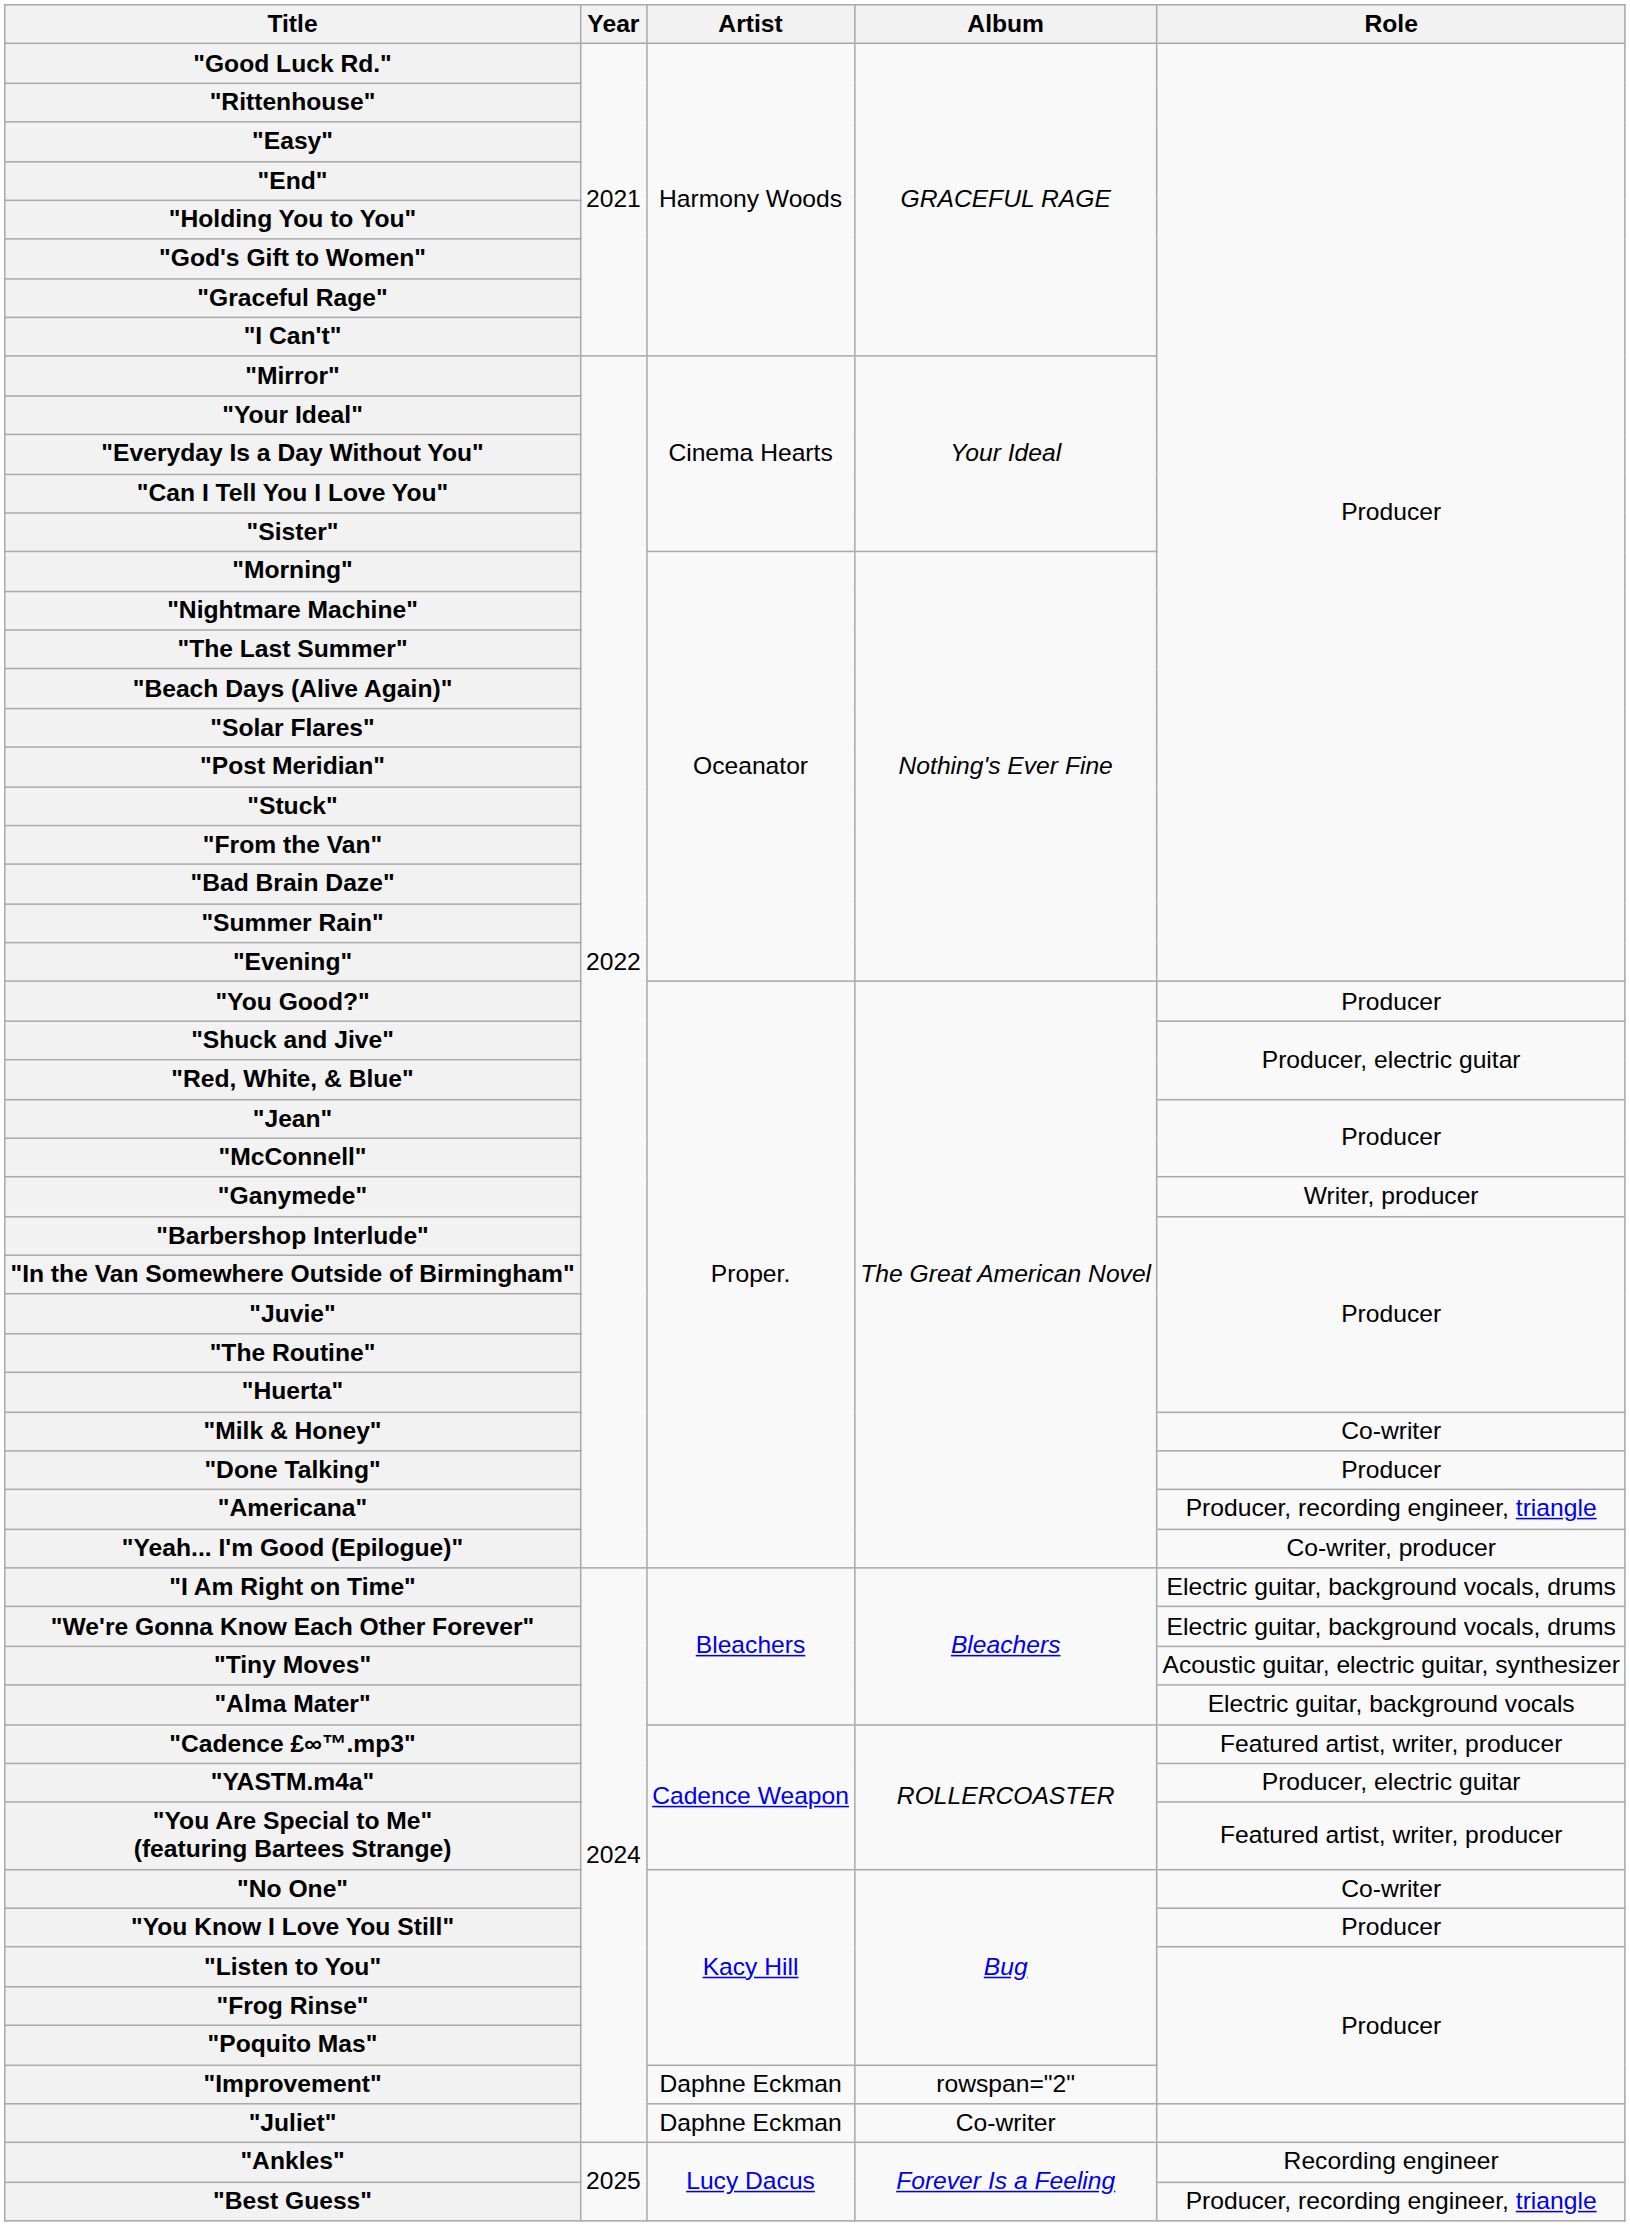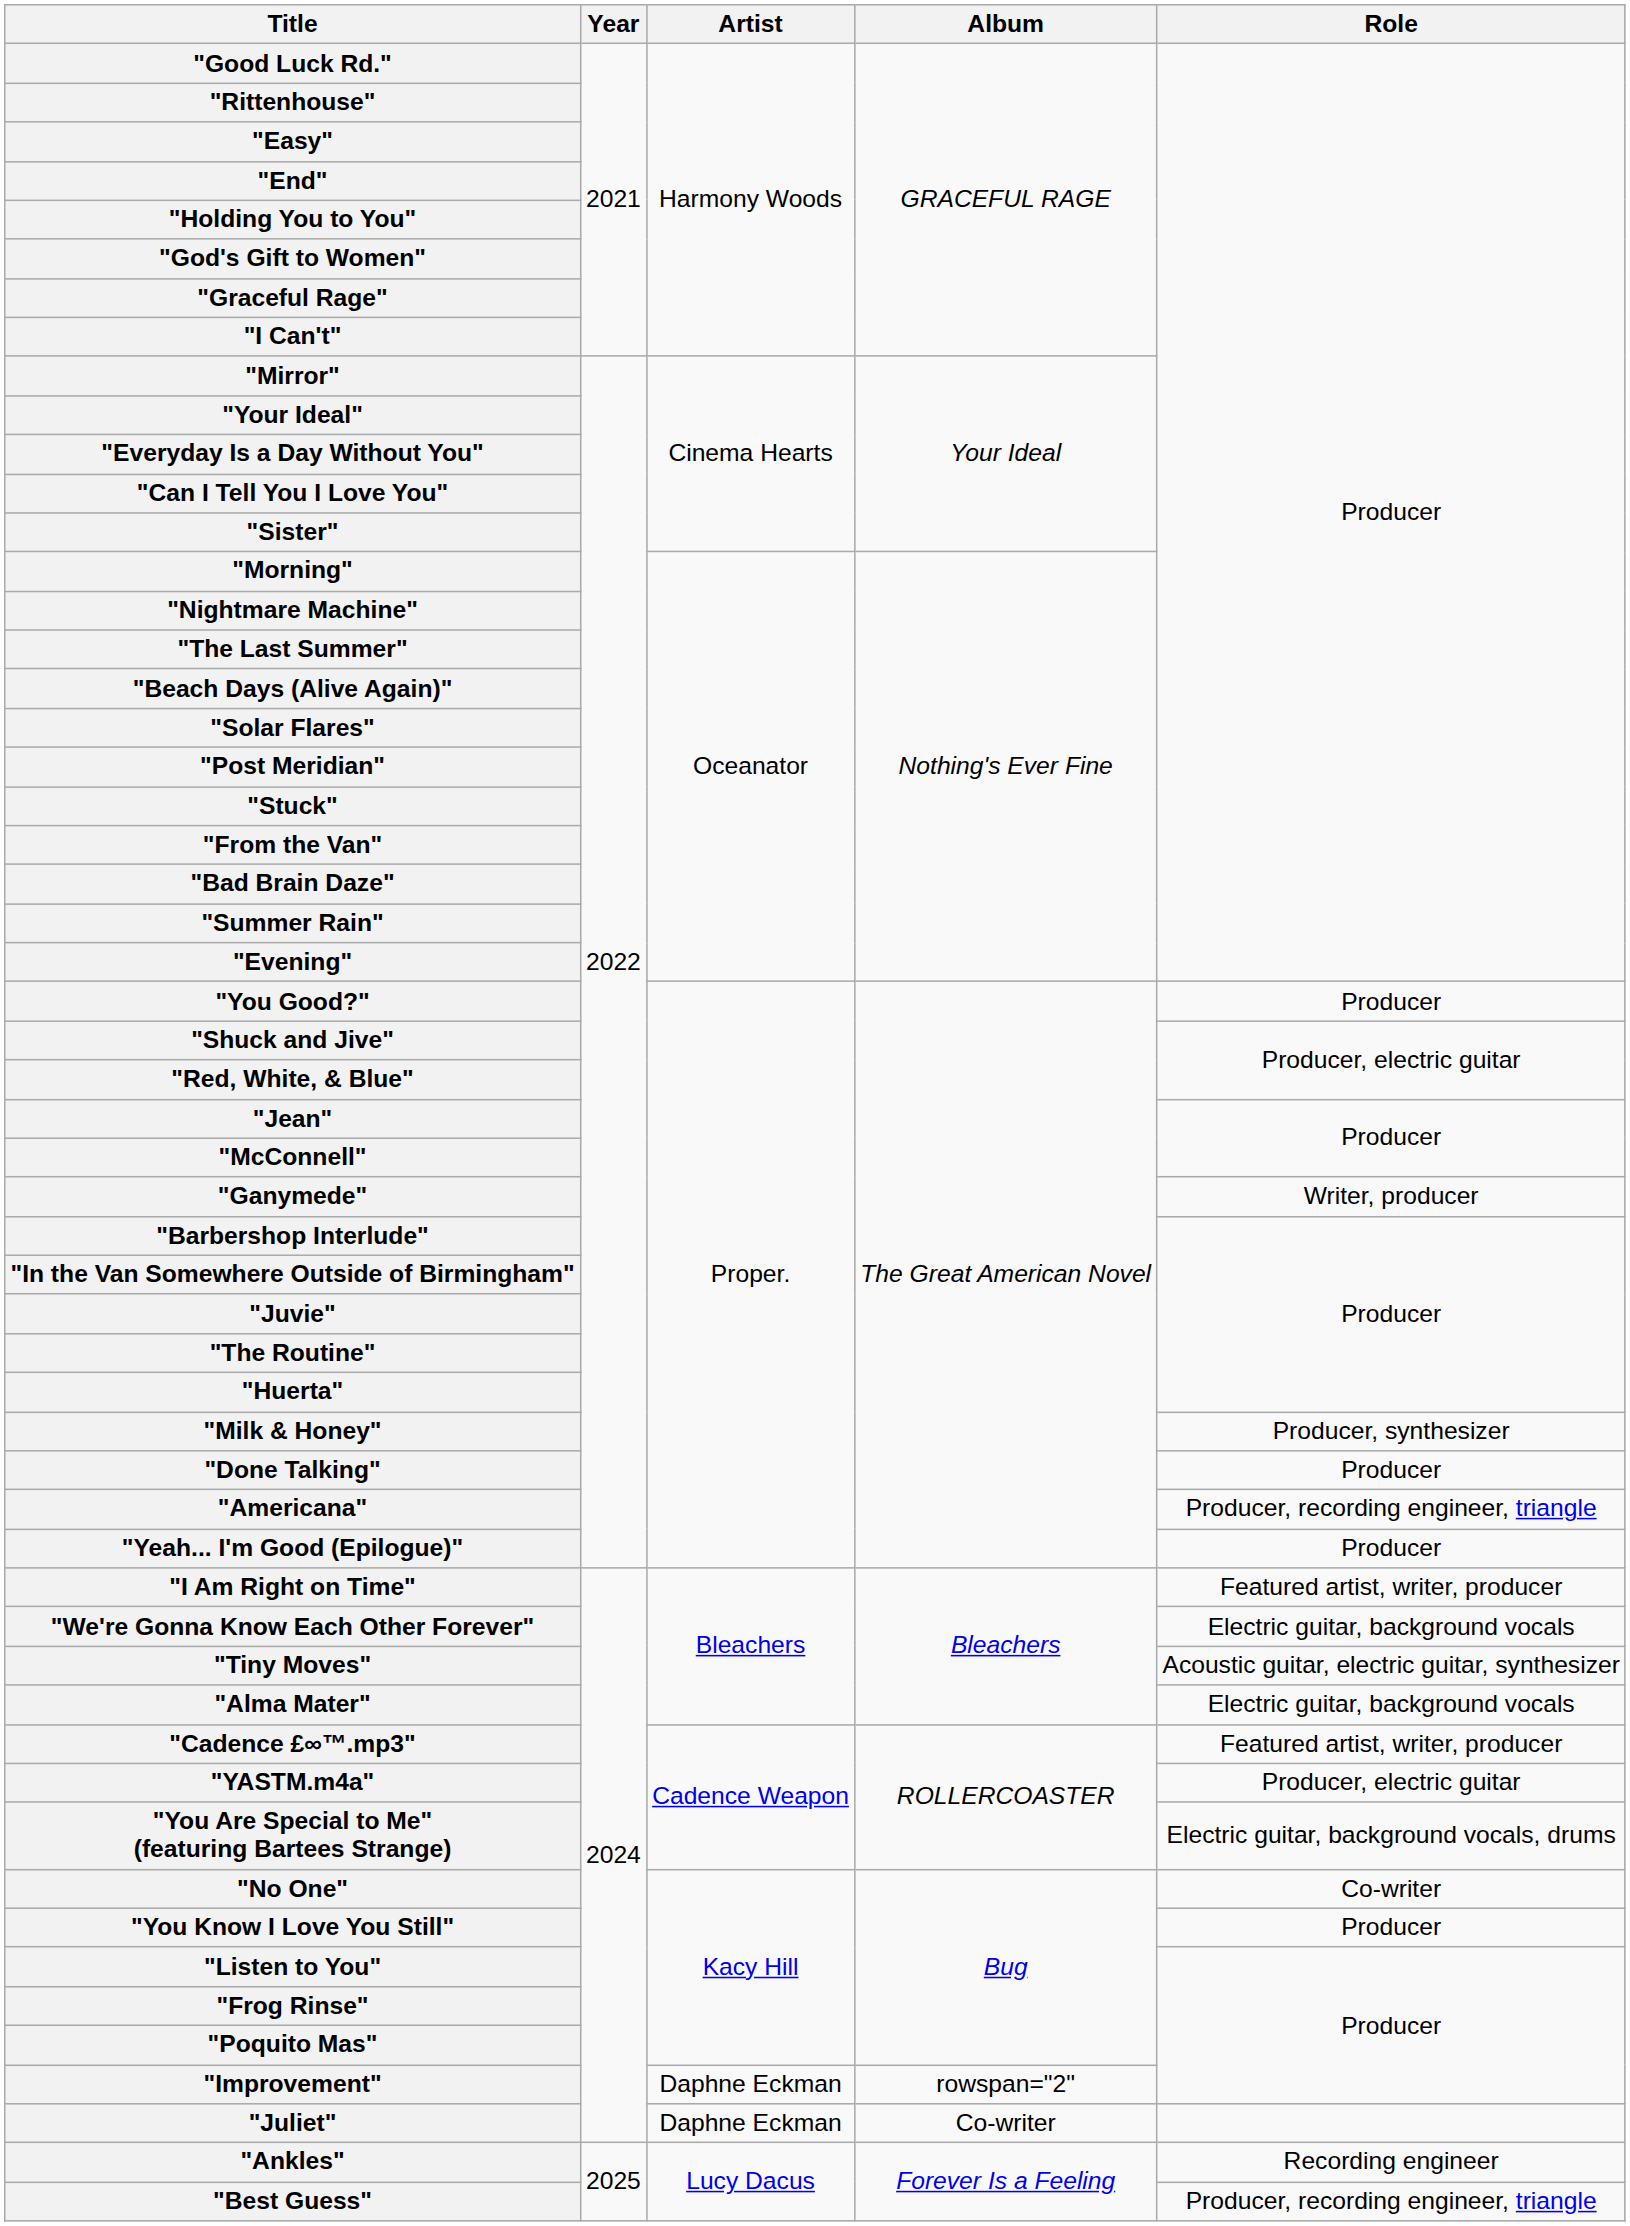 <table class="wikitable plainrowheaders" style="text-align:center">
 <tr>
 <th scope="col">Title</th>
 <th scope="col">Year</th>
 <th scope="col">Artist</th>
 <th scope="col">Album</th>
 <th>Role</th>
 </tr>
 <tr>
 <th scope="row">"Good Luck Rd."</th>
 <td rowspan="8">2021</td>
 <td rowspan="8">Harmony Woods</td>
 <td rowspan="8"><em>GRACEFUL RAGE</em></td>
 <td rowspan="24">Producer</td>
 </tr>
 <tr>
 <th scope="row">"Rittenhouse"</th>
 </tr>
 <tr>
 <th scope="row">"Easy"</th>
 </tr>
 <tr>
 <th scope="row">"End"</th>
 </tr>
 <tr>
 <th scope="row">"Holding You to You"</th>
 </tr>
 <tr>
 <th scope="row">"God's Gift to Women"</th>
 </tr>
 <tr>
 <th scope="row">"Graceful Rage"</th>
 </tr>
 <tr>
 <th scope="row">"I Can't"</th>
 </tr>
 <tr>
 <th scope="row">"Mirror"</th>
 <td rowspan="31">2022</td>
 <td rowspan="5">Cinema Hearts</td>
 <td rowspan="5"><em>Your Ideal</em></td>
 </tr>
 <tr>
 <th scope="row">"Your Ideal"</th>
 </tr>
 <tr>
 <th scope="row">"Everyday Is a Day Without You"</th>
 </tr>
 <tr>
 <th scope="row">"Can I Tell You I Love You"</th>
 </tr>
 <tr>
 <th scope="row">"Sister"</th>
 </tr>
 <tr>
 <th scope="row">"Morning"</th>
 <td rowspan="11">Oceanator</td>
 <td rowspan="11"><em>Nothing's Ever Fine</em></td>
 </tr>
 <tr>
 <th scope="row">"Nightmare Machine"</th>
 </tr>
 <tr>
 <th scope="row">"The Last Summer"</th>
 </tr>
 <tr>
 <th scope="row">"Beach Days (Alive Again)"</th>
 </tr>
 <tr>
 <th scope="row">"Solar Flares"</th>
 </tr>
 <tr>
 <th scope="row">"Post Meridian"</th>
 </tr>
 <tr>
 <th scope="row">"Stuck"</th>
 </tr>
 <tr>
 <th scope="row">"From the Van"</th>
 </tr>
 <tr>
 <th scope="row">"Bad Brain Daze"</th>
 </tr>
 <tr>
 <th scope="row">"Summer Rain"</th>
 </tr>
 <tr>
 <th scope="row">"Evening"</th>
 </tr>
 <tr>
 <th scope="row">"You Good?"</th>
 <td rowspan="15">Proper.</td>
 <td rowspan="15"><em>The Great American Novel</em></td>
 <td>Producer</td>
 </tr>
 <tr>
 <th scope="row">"Shuck and Jive"</th>
 <td rowspan="2">Producer, electric guitar</td>
 </tr>
 <tr>
 <th scope="row">"Red, White, & Blue"</th>
 </tr>
 <tr>
 <th scope="row">"Jean"</th>
 <td rowspan="2">Producer</td>
 </tr>
 <tr>
 <th scope="row">"McConnell"</th>
 </tr>
 <tr>
 <th scope="row">"Ganymede"</th>
 <td>Writer, producer</td>
 </tr>
 <tr>
 <th scope="row">"Barbershop Interlude"</th>
 <td rowspan="5">Producer</td>
 </tr>
 <tr>
 <th scope="row">"In the Van Somewhere Outside of Birmingham"</th>
 </tr>
 <tr>
 <th scope="row">"Juvie"</th>
 </tr>
 <tr>
 <th scope="row">"The Routine"</th>
 </tr>
 <tr>
 <th scope="row">"Huerta"</th>
 </tr>
 <tr>
 <th scope="row">"Milk & Honey"</th>
-<td>Co-writer</td>
+<td>Producer, synthesizer</td>
 </tr>
 <tr>
 <th scope="row">"Done Talking"</th>
 <td>Producer</td>
 </tr>
 <tr>
 <th scope="row">"Americana"</th>
 <td>Producer, recording engineer, <a href='#'>triangle</a></td>
 </tr>
 <tr>
 <th scope="row">"Yeah... I'm Good (Epilogue)"</th>
-<td>Co-writer, producer</td>
+<td>Producer</td>
 </tr>
 <tr>
 <th scope="row">"I Am Right on Time"</th>
 <td rowspan="14">2024</td>
 <td rowspan="4"><a href='#'>Bleachers</a></td>
 <td rowspan="4"><em><a href='#'>Bleachers</a></em></td>
-<td>Electric guitar, background vocals, drums</td>
+<td>Featured artist, writer, producer</td>
 </tr>
 <tr>
 <th scope="row">"We're Gonna Know Each Other Forever"</th>
-<td>Electric guitar, background vocals, drums</td>
+<td>Electric guitar, background vocals</td>
 </tr>
 <tr>
 <th scope="row">"Tiny Moves"</th>
 <td>Acoustic guitar, electric guitar, synthesizer</td>
 </tr>
 <tr>
 <th scope="row">"Alma Mater"</th>
 <td>Electric guitar, background vocals</td>
 </tr>
 <tr>
 <th scope="row">"Cadence £∞™.mp3"</th>
 <td rowspan="3"><a href='#'>Cadence Weapon</a></td>
 <td rowspan="3"><em>ROLLERCOASTER</em></td>
 <td>Featured artist, writer, producer</td>
 </tr>
 <tr>
 <th scope="row">"YASTM.m4a"</th>
 <td>Producer, electric guitar</td>
 </tr>
 <tr>
 <th scope="row">"You Are Special to Me"<br>(featuring Bartees Strange)</th>
-<td>Featured artist, writer, producer</td>
+<td>Electric guitar, background vocals, drums</td>
 </tr>
 <tr>
 <th scope="row">"No One"</th>
 <td rowspan="5"><a href='#'>Kacy Hill</a></td>
 <td rowspan="5"><em><a href='#'>Bug</a></em></td>
 <td>Co-writer</td>
 </tr>
 <tr>
 <th scope="row">"You Know I Love You Still"</th>
 <td>Producer</td>
 </tr>
 <tr>
 <th scope="row">"Listen to You"</th>
 <td rowspan="4">Producer</td>
 </tr>
 <tr>
 <th scope="row">"Frog Rinse"</th>
 </tr>
 <tr>
 <th scope="row">"Poquito Mas"</th>
 </tr>
 <tr>
 <th scope="row">"Improvement"</th>
 <td>Daphne Eckman</td>
 <td>rowspan="2" </td>
 </tr>
 <tr>
 <th scope="row">"Juliet"</th>
 <td>Daphne Eckman</td>
 <td>Co-writer</td>
 </tr>
 <tr>
 <th scope="row">"Ankles"</th>
 <td rowspan="2">2025</td>
 <td rowspan="2"><a href='#'>Lucy Dacus</a></td>
 <td rowspan="2"><em><a href='#'>Forever Is a Feeling</a></em></td>
 <td>Recording engineer</td>
 </tr>
 <tr>
 <th scope="row">"Best Guess"</th>
 <td>Producer, recording engineer, <a href='#'>triangle</a></td>
 </tr>
 </table>
